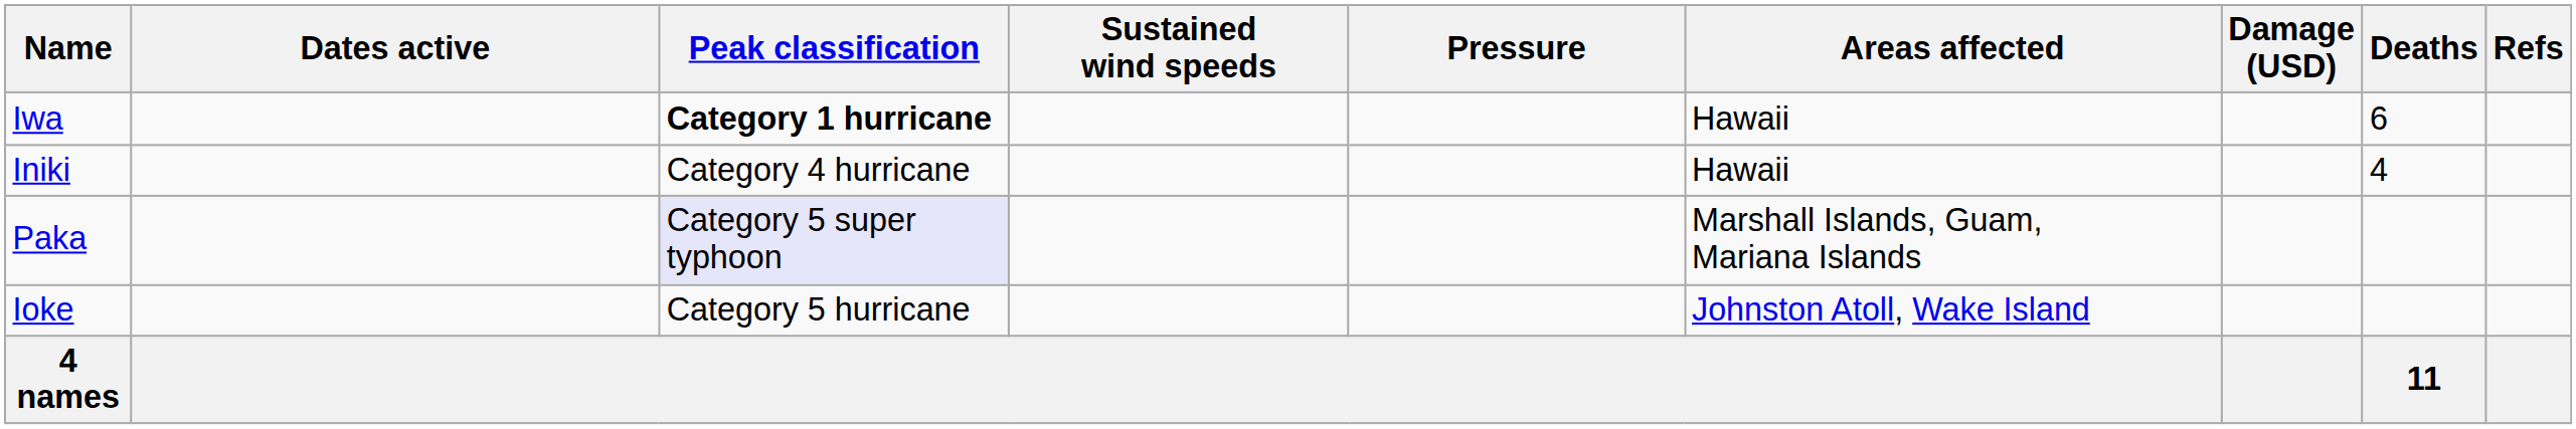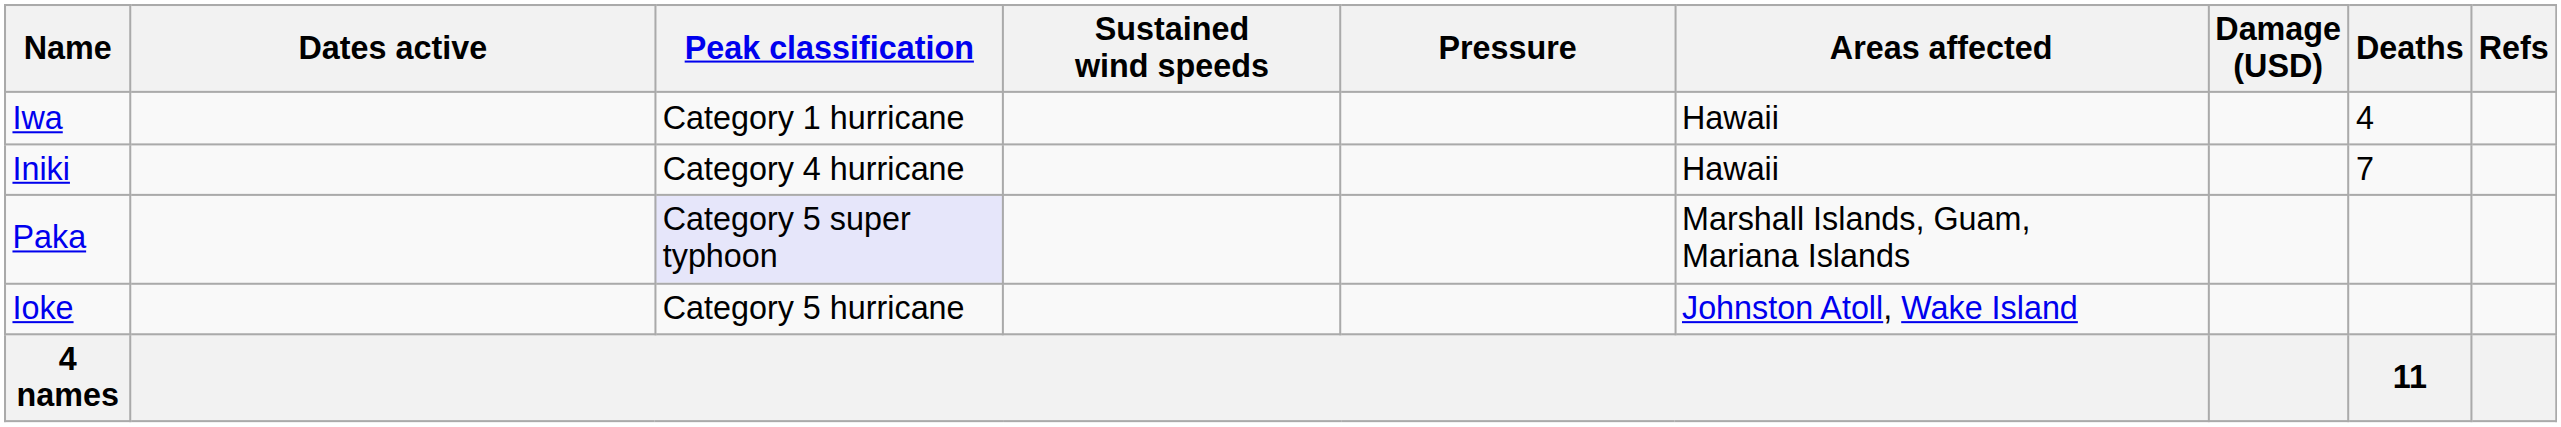 <table class="wikitable sortable" width="100%">
 <tr>
 <th scope="col" width="5%">Name</th>
 <th scope="col" width="25%">Dates active</th>
 <th scope="col" width="15%"><a href='#'>Peak classification</a></th>
 <th scope="col" width="15%">Sustained<br>wind speeds</th>
 <th scope="col" width="15%">Pressure</th>
 <th scope="col" width="25%" class="unsortable">Areas affected</th>
 <th scope="col" width="5%">Damage<br>(USD)</th>
 <th scope="col" width="5%">Deaths</th>
 <th scope="col" width="5%" class="unsortable">Refs</th>
 </tr>
 <tr>
 <td><a href='#'>Iwa</a></td>
 <td></td>
-<td><strong>Category 1 hurricane</strong></td>
+<td>Category 1 hurricane</td>
 <td></td>
 <td></td>
 <td>Hawaii</td>
 <td></td>
-<td>6</td>
+<td>4</td>
 <td></td>
 </tr>
 <tr>
 <td><a href='#'>Iniki</a></td>
 <td></td>
 <td>Category 4 hurricane</td>
 <td></td>
 <td></td>
 <td>Hawaii</td>
 <td></td>
-<td>4</td>
+<td>7</td>
 <td></td>
 </tr>
 <tr>
 <td><a href='#'>Paka</a></td>
 <td></td>
 <td style="background: lavender;">Category 5 super typhoon</td>
 <td></td>
 <td></td>
 <td>Marshall Islands, Guam,<br>Mariana Islands</td>
 <td></td>
 <td></td>
 <td></td>
 </tr>
 <tr>
 <td><a href='#'>Ioke</a></td>
 <td></td>
 <td>Category 5 hurricane</td>
 <td></td>
 <td></td>
 <td><a href='#'>Johnston Atoll</a>, <a href='#'>Wake Island</a></td>
 <td></td>
 <td></td>
 <td></td>
 </tr>
 <tr class="sortbottom">
 <th>4 names</th>
 <th colspan=5></th>
 <th></th>
 <th>11</th>
 <th></th>
 </tr>
 </table>
